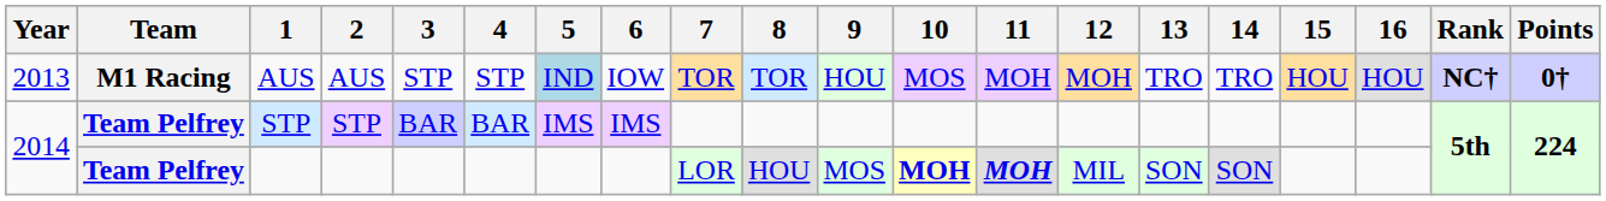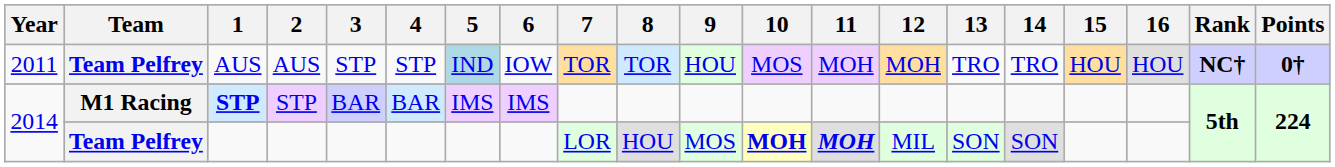 <table class="wikitable" style="text-align:center; font-size:90%">
 <tr>
 <th>Year</th>
 <th>Team</th>
 <th>1</th>
 <th>2</th>
 <th>3</th>
 <th>4</th>
 <th>5</th>
 <th>6</th>
 <th>7</th>
 <th>8</th>
 <th>9</th>
 <th>10</th>
 <th>11</th>
 <th>12</th>
 <th>13</th>
 <th>14</th>
 <th>15</th>
 <th>16</th>
 <th>Rank</th>
 <th>Points</th>
 </tr>
 <tr>
-<td><a href='#'>2013</a></td>
-<th>M1 Racing</th>
+<td><a href='#'>2011</a></td>
+<th><a href='#'>Team Pelfrey</a></th>
 <td><a href='#'>AUS</a></td>
 <td><a href='#'>AUS</a></td>
 <td><a href='#'>STP</a></td>
 <td><a href='#'>STP</a></td>
 <td style="background: lightblue;"><a href='#'>IND</a></td>
 <td><a href='#'>IOW</a></td>
 <td style="background:#FFDF9F;"><a href='#'>TOR</a><br></td>
 <td style="background:#CFEAFF;"><a href='#'>TOR</a><br></td>
 <td style="background:#DFFFDF;"><a href='#'>HOU</a><br></td>
 <td style="background:#EFCFFF;"><a href='#'>MOS</a><br></td>
 <td style="background:#EFCFFF;"><a href='#'>MOH</a><br></td>
 <td style="background:#FFDF9F;"><a href='#'>MOH</a><br></td>
 <td style="background:#;"><a href='#'>TRO</a></td>
 <td style="background:#;"><a href='#'>TRO</a></td>
 <td style="background:#FFDF9F;"><a href='#'>HOU</a><br></td>
 <td style="background:#DFDFDF;"><a href='#'>HOU</a><br></td>
 <th style="background:#CFCFFF;">NC†</th>
 <th style="background:#CFCFFF;">0†</th>
 </tr>
 <tr>
 <td rowspan="2"><a href='#'>2014</a></td>
-<th><a href='#'>Team Pelfrey</a></th>
-<td style="background:#CFEAFF;"><a href='#'>STP</a><br></td>
+<th>M1 Racing</th>
+<td style="background:#CFEAFF;"><strong><a href='#'>STP</a><br></strong></td>
 <td style="background:#EFCFFF;"><a href='#'>STP</a><br></td>
 <td style="background:#CFCFFF;"><a href='#'>BAR</a><br></td>
 <td style="background:#CFEAFF;"><a href='#'>BAR</a><br></td>
 <td style="background:#EFCFFF;"><a href='#'>IMS</a><br></td>
 <td style="background:#EFCFFF;"><a href='#'>IMS</a><br></td>
 <td></td>
 <td></td>
 <td></td>
 <td></td>
 <td></td>
 <td></td>
 <td></td>
 <td></td>
 <td></td>
 <td></td>
 <th rowspan="2" style="background:#DFFFDF;">5th</th>
 <th rowspan="2" style="background:#DFFFDF;">224</th>
 </tr>
 <tr>
 <th><a href='#'>Team Pelfrey</a></th>
 <td></td>
 <td></td>
 <td></td>
 <td></td>
 <td></td>
 <td></td>
 <td style="background:#DFFFDF;"><a href='#'>LOR</a><br></td>
 <td style="background:#DFDFDF;"><a href='#'>HOU</a><br></td>
 <td style="background:#DFFFDF;"><a href='#'>MOS</a><br></td>
 <td style="background:#FFFFBF;"><strong><a href='#'>MOH</a></strong><br></td>
 <td style="background:#DFDFDF;"><strong><em><a href='#'>MOH</a></em></strong><br></td>
 <td style="background:#DFFFDF;"><a href='#'>MIL</a><br></td>
 <td style="background:#DFFFDF;"><a href='#'>SON</a><br></td>
 <td style="background:#DFDFDF;"><a href='#'>SON</a><br></td>
 <td></td>
 <td></td>
 </tr>
 </table>
